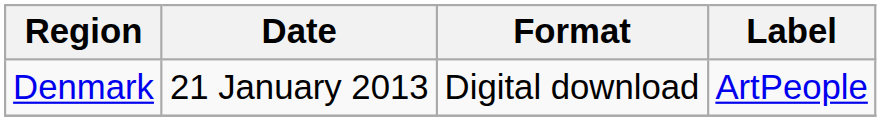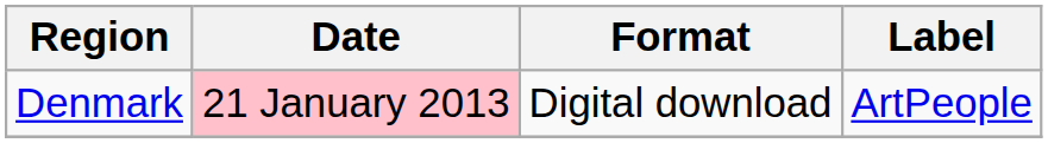 <table class=wikitable>
 <tr>
 <th scope="col">Region</th>
 <th scope="col">Date</th>
 <th scope="col">Format</th>
 <th scope="col">Label</th>
 </tr>
 <tr>
 <td><a href='#'>Denmark</a></td>
-<td>21 January 2013</td>
+<td style="background: pink;">21 January 2013</td>
 <td>Digital download</td>
 <td><a href='#'>ArtPeople</a></td>
 </tr>
 <tr>
 </tr>
 </table>
